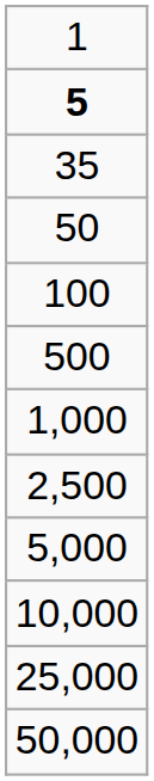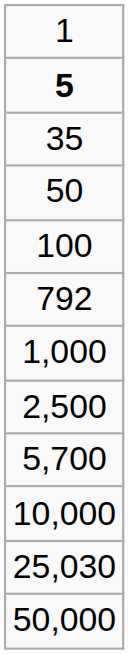 <table class="wikitable" style="text-align:center">
 <tr>
 <td>1</td>
 </tr>
 <tr>
 <td><strong>5</strong></td>
 </tr>
 <tr>
 <td>35</td>
 </tr>
 <tr>
 <td>50</td>
 </tr>
 <tr>
 <td>100</td>
 </tr>
 <tr>
-<td>500</td>
+<td>792</td>
 </tr>
 <tr>
 <td>1,000</td>
 </tr>
 <tr>
 <td>2,500</td>
 </tr>
 <tr>
-<td>5,000</td>
+<td>5,700</td>
 </tr>
 <tr>
 <td>10,000</td>
 </tr>
 <tr>
-<td>25,000</td>
+<td>25,030</td>
 </tr>
 <tr>
 <td>50,000</td>
 </tr>
 </table>
